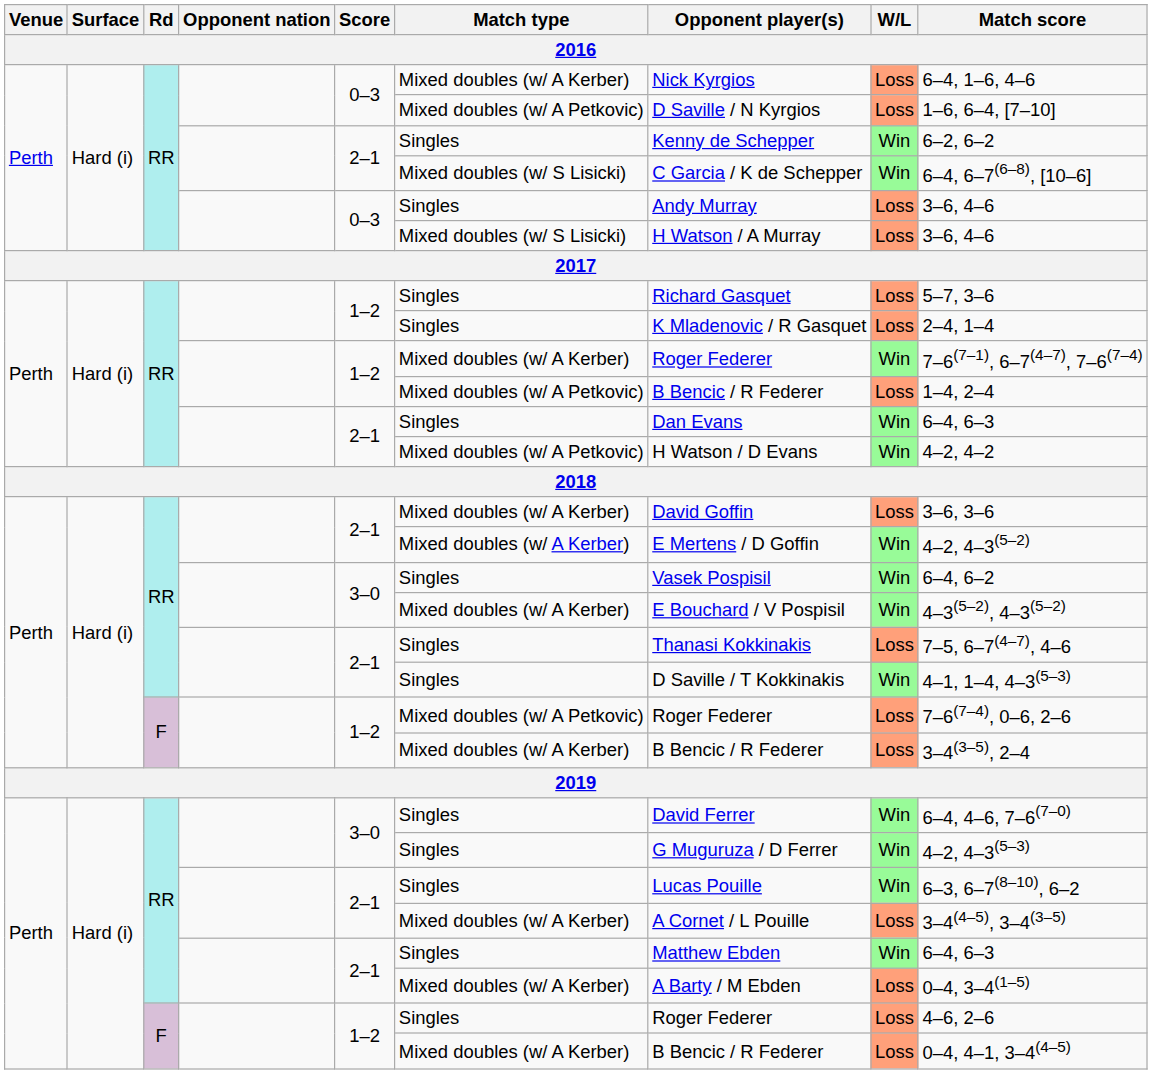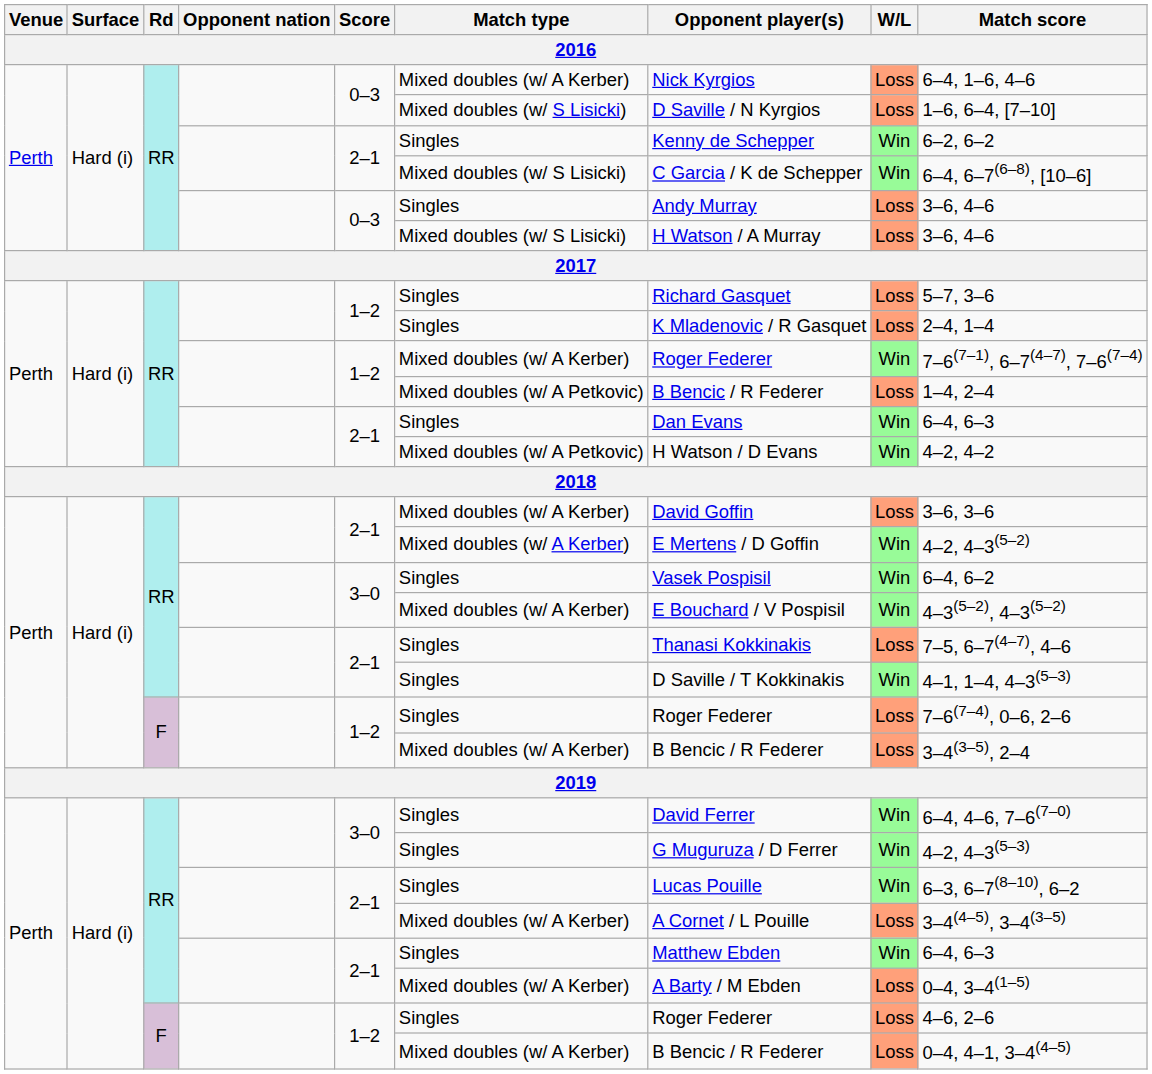 <table class="wikitable nowrap" style=font-size:96%>
 <tr>
 <th>Venue</th>
 <th>Surface</th>
 <th>Rd</th>
 <th>Opponent nation</th>
 <th>Score</th>
 <th>Match type</th>
 <th>Opponent player(s)</th>
 <th>W/L</th>
 <th>Match score</th>
 </tr>
 <tr>
 <th colspan="9"><a href='#'>2016</a></th>
 </tr>
 <tr>
 <td rowspan="6"><a href='#'>Perth</a></td>
 <td rowspan="6">Hard (i)</td>
 <td rowspan="6" bgcolor="afeeee" align="center">RR</td>
 <td rowspan="2"></td>
 <td rowspan="2" align="center">0–3</td>
 <td>Mixed doubles (w/ A Kerber)</td>
 <td><a href='#'>Nick Kyrgios</a></td>
 <td bgcolor=FFA07A align=center>Loss</td>
 <td>6–4, 1–6, 4–6</td>
 </tr>
 <tr>
-<td>Mixed doubles (w/ A Petkovic)</td>
+<td>Mixed doubles (w/ <a href='#'>S Lisicki</a>)</td>
 <td><a href='#'>D Saville</a> / N Kyrgios</td>
 <td bgcolor=FFA07A align=center>Loss</td>
 <td>1–6, 6–4, [7–10]</td>
 </tr>
 <tr>
 <td rowspan="2"></td>
 <td rowspan="2" align="center">2–1</td>
 <td>Singles</td>
 <td><a href='#'>Kenny de Schepper</a></td>
 <td bgcolor=98FB98 align=center>Win</td>
 <td>6–2, 6–2</td>
 </tr>
 <tr>
 <td>Mixed doubles (w/ S Lisicki)</td>
 <td><a href='#'>C Garcia</a> / K de Schepper</td>
 <td bgcolor=98FB98 align=center>Win</td>
 <td>6–4, 6–7<sup>(6–8)</sup>, [10–6]</td>
 </tr>
 <tr>
 <td rowspan="2"></td>
 <td rowspan="2" align="center">0–3</td>
 <td>Singles</td>
 <td><a href='#'>Andy Murray</a></td>
 <td bgcolor=FFA07A align=center>Loss</td>
 <td>3–6, 4–6</td>
 </tr>
 <tr>
 <td>Mixed doubles (w/ S Lisicki)</td>
 <td><a href='#'>H Watson</a> / A Murray</td>
 <td bgcolor=FFA07A align=center>Loss</td>
 <td>3–6, 4–6</td>
 </tr>
 <tr>
 <th colspan="9"><a href='#'>2017</a></th>
 </tr>
 <tr>
 <td rowspan="6">Perth</td>
 <td rowspan="6">Hard (i)</td>
 <td rowspan="6" bgcolor="afeeee" align="center">RR</td>
 <td rowspan="2"></td>
 <td rowspan="2" align="center">1–2</td>
 <td>Singles</td>
 <td><a href='#'>Richard Gasquet</a></td>
 <td bgcolor=FFA07A align=center>Loss</td>
 <td>5–7, 3–6</td>
 </tr>
 <tr>
 <td>Singles</td>
 <td><a href='#'>K Mladenovic</a> / R Gasquet</td>
 <td bgcolor=FFA07A align=center>Loss</td>
 <td>2–4, 1–4</td>
 </tr>
 <tr>
 <td rowspan="2"></td>
 <td rowspan="2" align="center">1–2</td>
 <td>Mixed doubles (w/ A Kerber)</td>
 <td><a href='#'>Roger Federer</a></td>
 <td bgcolor=98FB98 align=center>Win</td>
 <td>7–6<sup>(7–1)</sup>, 6–7<sup>(4–7)</sup>, 7–6<sup>(7–4)</sup></td>
 </tr>
 <tr>
 <td>Mixed doubles (w/ A Petkovic)</td>
 <td><a href='#'>B Bencic</a> / R Federer</td>
 <td bgcolor=FFA07A align=center>Loss</td>
 <td>1–4, 2–4</td>
 </tr>
 <tr>
 <td rowspan="2"></td>
 <td rowspan="2" align="center">2–1</td>
 <td>Singles</td>
 <td><a href='#'>Dan Evans</a></td>
 <td bgcolor=98FB98 align=center>Win</td>
 <td>6–4, 6–3</td>
 </tr>
 <tr>
 <td>Mixed doubles (w/ A Petkovic)</td>
 <td>H Watson / D Evans</td>
 <td bgcolor=98FB98 align=center>Win</td>
 <td>4–2, 4–2</td>
 </tr>
 <tr>
 <th colspan="9"><a href='#'>2018</a></th>
 </tr>
 <tr>
 <td rowspan="8">Perth</td>
 <td rowspan="8">Hard (i)</td>
 <td rowspan="6" bgcolor="afeeee" align="center">RR</td>
 <td rowspan="2"></td>
 <td rowspan="2" align="center">2–1</td>
 <td>Mixed doubles (w/ A Kerber)</td>
 <td><a href='#'>David Goffin</a></td>
 <td bgcolor=FFA07A align=center>Loss</td>
 <td>3–6, 3–6</td>
 </tr>
 <tr>
 <td>Mixed doubles (w/ <a href='#'>A Kerber</a>)</td>
 <td><a href='#'>E Mertens</a> / D Goffin</td>
 <td bgcolor=98FB98 align=center>Win</td>
 <td>4–2, 4–3<sup>(5–2)</sup></td>
 </tr>
 <tr>
 <td rowspan="2"></td>
 <td rowspan="2" align="center">3–0</td>
 <td>Singles</td>
 <td><a href='#'>Vasek Pospisil</a></td>
 <td bgcolor=98FB98 align=center>Win</td>
 <td>6–4, 6–2</td>
 </tr>
 <tr>
 <td>Mixed doubles (w/ A Kerber)</td>
 <td><a href='#'>E Bouchard</a> / V Pospisil</td>
 <td bgcolor=98FB98 align=center>Win</td>
 <td>4–3<sup>(5–2)</sup>, 4–3<sup>(5–2)</sup></td>
 </tr>
 <tr>
 <td rowspan="2"></td>
 <td rowspan="2" align="center">2–1</td>
 <td>Singles</td>
 <td><a href='#'>Thanasi Kokkinakis</a></td>
 <td bgcolor=FFA07A align=center>Loss</td>
 <td>7–5, 6–7<sup>(4–7)</sup>, 4–6</td>
 </tr>
 <tr>
 <td>Singles</td>
 <td>D Saville / T Kokkinakis</td>
 <td bgcolor=98FB98 align=center>Win</td>
 <td>4–1, 1–4, 4–3<sup>(5–3)</sup></td>
 </tr>
 <tr>
 <td rowspan="2" bgcolor="thistle" align="center">F</td>
 <td rowspan="2"></td>
 <td rowspan="2" align="center">1–2</td>
-<td>Mixed doubles (w/ A Petkovic)</td>
+<td>Singles</td>
 <td>Roger Federer</td>
 <td bgcolor=FFA07A align=center>Loss</td>
 <td>7–6<sup>(7–4)</sup>, 0–6, 2–6</td>
 </tr>
 <tr>
 <td>Mixed doubles (w/ A Kerber)</td>
 <td>B Bencic / R Federer</td>
 <td bgcolor=FFA07A align=center>Loss</td>
 <td>3–4<sup>(3–5)</sup>, 2–4</td>
 </tr>
 <tr>
 <th colspan="9"><a href='#'>2019</a></th>
 </tr>
 <tr>
 <td rowspan="8">Perth</td>
 <td rowspan="8">Hard (i)</td>
 <td rowspan="6" bgcolor="afeeee" align="center">RR</td>
 <td rowspan="2"></td>
 <td rowspan="2" align="center">3–0</td>
 <td>Singles</td>
 <td><a href='#'>David Ferrer</a></td>
 <td bgcolor=98FB98 align=center>Win</td>
 <td>6–4, 4–6, 7–6<sup>(7–0)</sup></td>
 </tr>
 <tr>
 <td>Singles</td>
 <td><a href='#'>G Muguruza</a> / D Ferrer</td>
 <td bgcolor=98FB98 align=center>Win</td>
 <td>4–2, 4–3<sup>(5–3)</sup></td>
 </tr>
 <tr>
 <td rowspan="2"></td>
 <td rowspan="2" align="center">2–1</td>
 <td>Singles</td>
 <td><a href='#'>Lucas Pouille</a></td>
 <td bgcolor=98FB98 align=center>Win</td>
 <td>6–3, 6–7<sup>(8–10)</sup>, 6–2</td>
 </tr>
 <tr>
 <td>Mixed doubles (w/ A Kerber)</td>
 <td><a href='#'>A Cornet</a> / L Pouille</td>
 <td bgcolor=FFA07A align=center>Loss</td>
 <td>3–4<sup>(4–5)</sup>, 3–4<sup>(3–5)</sup></td>
 </tr>
 <tr>
 <td rowspan="2"></td>
 <td rowspan="2" align="center">2–1</td>
 <td>Singles</td>
 <td><a href='#'>Matthew Ebden</a></td>
 <td bgcolor=98FB98 align=center>Win</td>
 <td>6–4, 6–3</td>
 </tr>
 <tr>
 <td>Mixed doubles (w/ A Kerber)</td>
 <td><a href='#'>A Barty</a> / M Ebden</td>
 <td bgcolor=FFA07A align=center>Loss</td>
 <td>0–4, 3–4<sup>(1–5)</sup></td>
 </tr>
 <tr>
 <td rowspan="2" bgcolor="thistle" align="center">F</td>
 <td rowspan="2"></td>
 <td rowspan="2" align="center">1–2</td>
 <td>Singles</td>
 <td>Roger Federer</td>
 <td bgcolor=FFA07A align=center>Loss</td>
 <td>4–6, 2–6</td>
 </tr>
 <tr>
 <td>Mixed doubles (w/ A Kerber)</td>
 <td>B Bencic / R Federer</td>
 <td bgcolor=FFA07A align=center>Loss</td>
 <td>0–4, 4–1, 3–4<sup>(4–5)</sup></td>
 </tr>
 </table>
